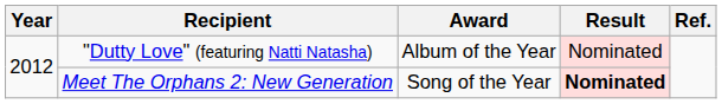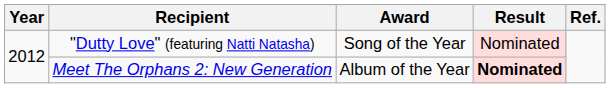 <table class="wikitable">
 <tr>
 <th align="center">Year</th>
 <th align="center">Recipient</th>
 <th align="center">Award</th>
 <th align="center">Result</th>
 <th align="center">Ref.</th>
 </tr>
 <tr>
 <td align="center" rowspan="2">2012</td>
 <td align="center">"<a href='#'>Dutty Love</a>" <small>(featuring <a href='#'>Natti Natasha</a>)</small></td>
-<td align="center">Album of the Year</td>
+<td align="center">Song of the Year</td>
 <td align="center" style="background-color: #FDD">Nominated</td>
 <td align="center" rowspan="2"></td>
 </tr>
 <tr>
 <td align="center"><a href='#'><em>Meet The Orphans 2: New Generation</em></a></td>
-<td align="center">Song of the Year</td>
+<td align="center">Album of the Year</td>
 <td align="center" style="background-color: #FDD"><strong>Nominated</strong></td>
 </tr>
 </table>
